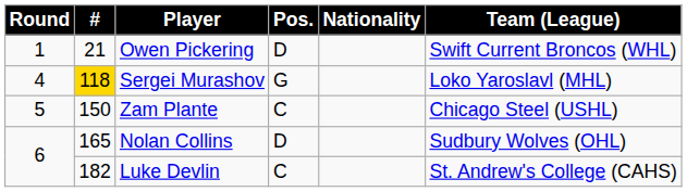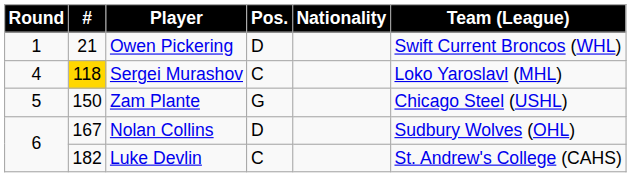 <table class="wikitable">
 <tr>
 <th style="color:white; background:#000000; ">Round</th>
 <th style="color:white; background:#000000; ">#</th>
 <th style="color:white; background:#000000; ">Player</th>
 <th style="color:white; background:#000000; ">Pos.</th>
 <th style="color:white; background:#000000; ">Nationality</th>
 <th style="color:white; background:#000000; ">Team (League)</th>
 </tr>
 <tr>
 <td style="text-align:center;">1</td>
 <td style="text-align:center;">21</td>
 <td><a href='#'>Owen Pickering</a></td>
 <td>D</td>
 <td></td>
 <td><a href='#'>Swift Current Broncos</a> (<a href='#'>WHL</a>)</td>
 </tr>
 <tr>
 <td style="text-align:center;">4</td>
 <td style="background: gold; text-align:center;">118</td>
 <td><a href='#'>Sergei Murashov</a></td>
-<td>G</td>
+<td>C</td>
 <td></td>
 <td><a href='#'>Loko Yaroslavl</a> (<a href='#'>MHL</a>)</td>
 </tr>
 <tr>
 <td style="text-align:center;">5</td>
 <td style="text-align:center;">150</td>
 <td><a href='#'>Zam Plante</a></td>
-<td>C</td>
+<td>G</td>
 <td></td>
 <td><a href='#'>Chicago Steel</a> (<a href='#'>USHL</a>)</td>
 </tr>
 <tr>
 <td rowspan=2 & style="text-align:center;">6</td>
-<td style="text-align:center;">165</td>
+<td style="text-align:center;">167</td>
 <td><a href='#'>Nolan Collins</a></td>
 <td>D</td>
 <td></td>
 <td><a href='#'>Sudbury Wolves</a> (<a href='#'>OHL</a>)</td>
 </tr>
 <tr>
 <td style="text-align:center;">182</td>
 <td><a href='#'>Luke Devlin</a></td>
 <td>C</td>
 <td></td>
 <td><a href='#'>St. Andrew's College</a> (CAHS)</td>
 </tr>
 </table>
